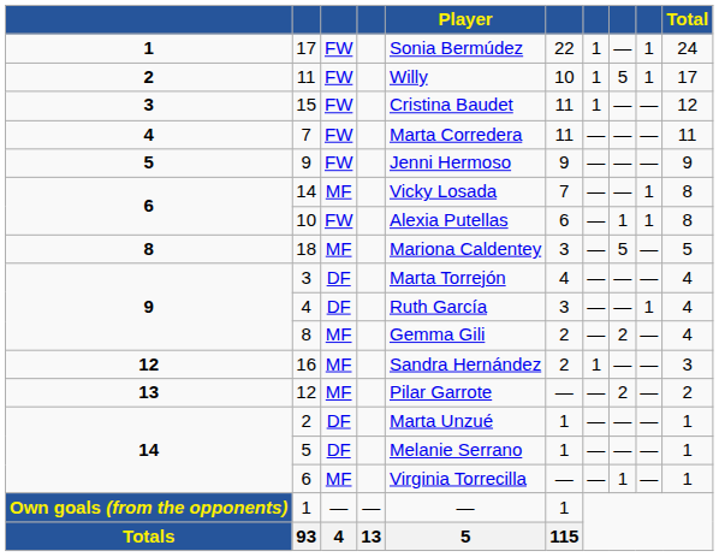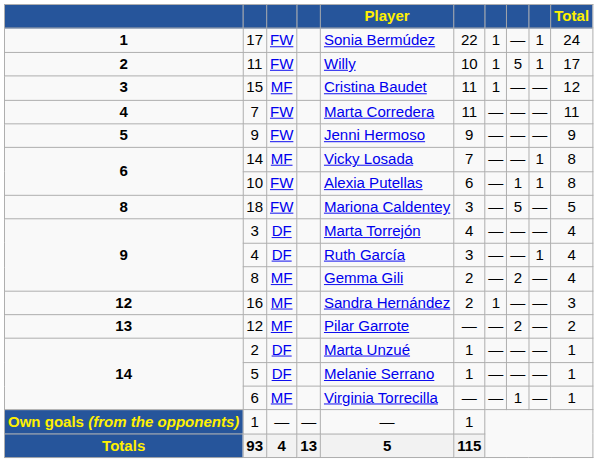 <table class="wikitable" style="text-align:center;">
 <tr>
 <th style="background:#26559B; color:#FFF000; "></th>
 <th style="background:#26559B; color:#FFF000; "></th>
 <th style="background:#26559B; color:#FFF000; "></th>
 <th style="background:#26559B; color:#FFF000; "></th>
 <th style="background:#26559B; color:#FFF000; ">Player</th>
 <th style="background:#26559B; color:#FFF000; "></th>
 <th style="background:#26559B; color:#FFF000; "></th>
 <th style="background:#26559B; color:#FFF000; "></th>
 <th style="background:#26559B; color:#FFF000; "></th>
 <th style="background:#26559B; color:#FFF000; ">Total</th>
 </tr>
 <tr>
 <td><strong>1</strong></td>
 <td>17</td>
 <td><a href='#'>FW</a></td>
 <td></td>
 <td align="left"><a href='#'>Sonia Bermúdez</a></td>
 <td>22</td>
 <td>1</td>
 <td>—</td>
 <td>1</td>
 <td>24</td>
 </tr>
 <tr>
 <td><strong>2</strong></td>
 <td>11</td>
 <td><a href='#'>FW</a></td>
 <td></td>
 <td align="left"><a href='#'>Willy</a></td>
 <td>10</td>
 <td>1</td>
 <td>5</td>
 <td>1</td>
 <td>17</td>
 </tr>
 <tr>
 <td><strong>3</strong></td>
 <td>15</td>
-<td><a href='#'>FW</a></td>
+<td><a href='#'>MF</a></td>
 <td></td>
 <td align="left"><a href='#'>Cristina Baudet</a></td>
 <td>11</td>
 <td>1</td>
 <td>—</td>
 <td>—</td>
 <td>12</td>
 </tr>
 <tr>
 <td><strong>4</strong></td>
 <td>7</td>
 <td><a href='#'>FW</a></td>
 <td></td>
 <td align="left"><a href='#'>Marta Corredera</a></td>
 <td>11</td>
 <td>—</td>
 <td>—</td>
 <td>—</td>
 <td>11</td>
 </tr>
 <tr>
 <td><strong>5</strong></td>
 <td>9</td>
 <td><a href='#'>FW</a></td>
 <td></td>
 <td align="left"><a href='#'>Jenni Hermoso</a></td>
 <td>9</td>
 <td>—</td>
 <td>—</td>
 <td>—</td>
 <td>9</td>
 </tr>
 <tr>
 <td rowspan="2"><strong>6</strong></td>
 <td>14</td>
 <td><a href='#'>MF</a></td>
 <td></td>
 <td align="left"><a href='#'>Vicky Losada</a></td>
 <td>7</td>
 <td>—</td>
 <td>—</td>
 <td>1</td>
 <td>8</td>
 </tr>
 <tr>
 <td>10</td>
 <td><a href='#'>FW</a></td>
 <td></td>
 <td align="left"><a href='#'>Alexia Putellas</a></td>
 <td>6</td>
 <td>—</td>
 <td>1</td>
 <td>1</td>
 <td>8</td>
 </tr>
 <tr>
 <td><strong>8</strong></td>
 <td>18</td>
-<td><a href='#'>MF</a></td>
+<td><a href='#'>FW</a></td>
 <td></td>
 <td align="left"><a href='#'>Mariona Caldentey</a></td>
 <td>3</td>
 <td>—</td>
 <td>5</td>
 <td>—</td>
 <td>5</td>
 </tr>
 <tr>
 <td rowspan="3"><strong>9</strong></td>
 <td>3</td>
 <td><a href='#'>DF</a></td>
 <td></td>
 <td align="left"><a href='#'>Marta Torrejón</a></td>
 <td>4</td>
 <td>—</td>
 <td>—</td>
 <td>—</td>
 <td>4</td>
 </tr>
 <tr>
 <td>4</td>
 <td><a href='#'>DF</a></td>
 <td></td>
 <td align="left"><a href='#'>Ruth García</a></td>
 <td>3</td>
 <td>—</td>
 <td>—</td>
 <td>1</td>
 <td>4</td>
 </tr>
 <tr>
 <td>8</td>
 <td><a href='#'>MF</a></td>
 <td></td>
 <td align="left"><a href='#'>Gemma Gili</a></td>
 <td>2</td>
 <td>—</td>
 <td>2</td>
 <td>—</td>
 <td>4</td>
 </tr>
 <tr>
 <td><strong>12</strong></td>
 <td>16</td>
 <td><a href='#'>MF</a></td>
 <td></td>
 <td align="left"><a href='#'>Sandra Hernández</a></td>
 <td>2</td>
 <td>1</td>
 <td>—</td>
 <td>—</td>
 <td>3</td>
 </tr>
 <tr>
 <td><strong>13</strong></td>
 <td>12</td>
 <td><a href='#'>MF</a></td>
 <td></td>
 <td align="left"><a href='#'>Pilar Garrote</a></td>
 <td>—</td>
 <td>—</td>
 <td>2</td>
 <td>—</td>
 <td>2</td>
 </tr>
 <tr>
 <td rowspan="3"><strong>14</strong></td>
 <td>2</td>
 <td><a href='#'>DF</a></td>
 <td></td>
 <td align="left"><a href='#'>Marta Unzué</a></td>
 <td>1</td>
 <td>—</td>
 <td>—</td>
 <td>—</td>
 <td>1</td>
 </tr>
 <tr>
 <td>5</td>
 <td><a href='#'>DF</a></td>
 <td></td>
 <td align="left"><a href='#'>Melanie Serrano</a></td>
 <td>1</td>
 <td>—</td>
 <td>—</td>
 <td>—</td>
 <td>1</td>
 </tr>
 <tr>
 <td>6</td>
 <td><a href='#'>MF</a></td>
 <td></td>
 <td align="left"><a href='#'>Virginia Torrecilla</a></td>
 <td>—</td>
 <td>—</td>
 <td>1</td>
 <td>—</td>
 <td>1</td>
 </tr>
 <tr>
 <td style="background:#26559B; color:#FFF000; "><strong>Own goals <em>(from the opponents)<strong><em></td>
 <td>1</td>
 <td>—</td>
 <td>—</td>
 <td>—</td>
 <td>1</td>
 </tr>
 <tr>
 <th style="background:#26559B; color:#FFF000; "></strong>Totals<strong></th>
 <th>93</th>
 <th>4</th>
 <th>13</th>
 <th>5</th>
 <th>115</th>
 </tr>
 </table>
